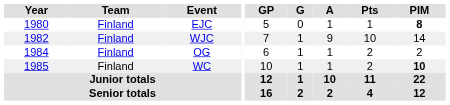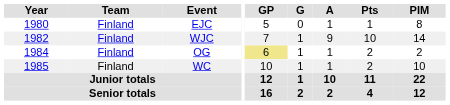 <table border="0" cellpadding="1" cellspacing="0" ID="Table3" style="text-align:center; width:40em">
 <tr ALIGN="center" bgcolor="#e0e0e0">
 <th>Year</th>
 <th>Team</th>
 <th>Event</th>
 <th rowspan="99" bgcolor="#ffffff"></th>
 <th>GP</th>
 <th>G</th>
 <th>A</th>
 <th>Pts</th>
 <th>PIM</th>
 </tr>
 <tr>
 <td><a href='#'>1980</a></td>
 <td><a href='#'>Finland</a></td>
 <td><a href='#'>EJC</a></td>
 <td>5</td>
 <td>0</td>
 <td>1</td>
 <td>1</td>
-<td><strong>8</strong></td>
+<td>8</td>
 </tr>
 <tr bgcolor="#f0f0f0">
 <td><a href='#'>1982</a></td>
 <td><a href='#'>Finland</a></td>
 <td><a href='#'>WJC</a></td>
 <td>7</td>
 <td>1</td>
 <td>9</td>
 <td>10</td>
 <td>14</td>
 </tr>
 <tr>
 <td><a href='#'>1984</a></td>
 <td><a href='#'>Finland</a></td>
 <td><a href='#'>OG</a></td>
-<td>6</td>
+<td style="background: khaki;">6</td>
 <td>1</td>
 <td>1</td>
 <td>2</td>
 <td>2</td>
 </tr>
 <tr bgcolor="#f0f0f0">
 <td><a href='#'>1985</a></td>
 <td>Finland</td>
 <td><a href='#'>WC</a></td>
 <td>10</td>
 <td>1</td>
 <td>1</td>
 <td>2</td>
-<td><strong>10</strong></td>
+<td>10</td>
 </tr>
 <tr bgcolor="#e0e0e0">
 <th colspan="3">Junior totals</th>
 <th>12</th>
 <th>1</th>
 <th>10</th>
 <th>11</th>
 <th>22</th>
 </tr>
 <tr bgcolor="#e0e0e0">
 <th colspan="3">Senior totals</th>
 <th>16</th>
 <th>2</th>
 <th>2</th>
 <th>4</th>
 <th>12</th>
 </tr>
 </table>
